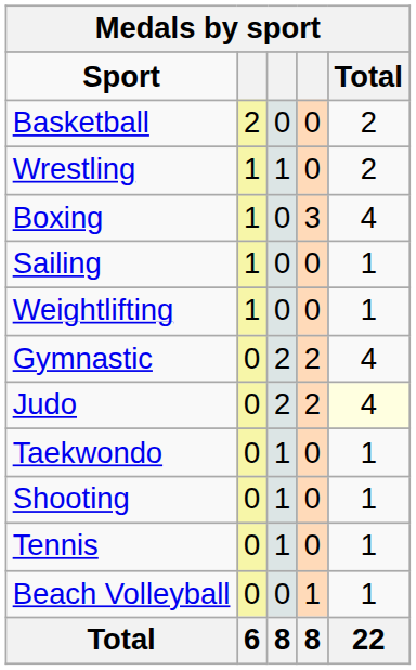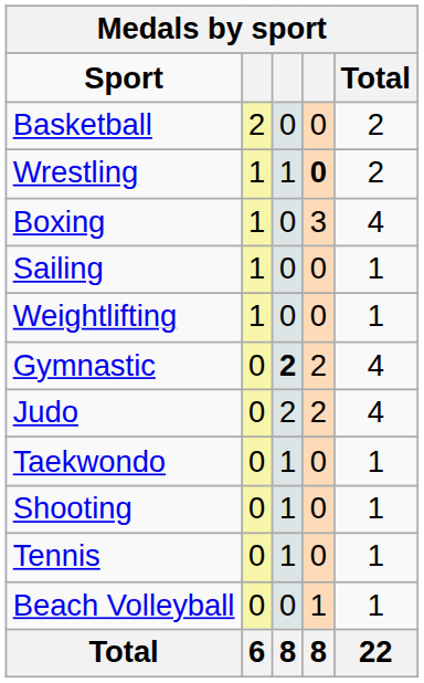 <table class="wikitable" border="1"  style="float:right">
 <tr>
 <th colspan=5><strong>Medals by sport</strong></th>
 </tr>
 <tr align=center>
 <td><strong>Sport</strong></td>
 <th bgcolor=#f7f6a8></th>
 <th bgcolor=#dce5e5></th>
 <th bgcolor=#ffdab9></th>
 <th><strong>Total</strong></th>
 </tr>
 <tr align=center>
 <td align=left><a href='#'>Basketball</a></td>
 <td bgcolor=#f7f6a8>2</td>
 <td bgcolor=#dce5e5>0</td>
 <td bgcolor=#ffdab9>0</td>
 <td>2</td>
 </tr>
 <tr align=center>
 <td align=left><a href='#'>Wrestling</a></td>
 <td bgcolor=#f7f6a8>1</td>
 <td bgcolor=#dce5e5>1</td>
-<td bgcolor=#ffdab9>0</td>
+<td bgcolor=#ffdab9><strong>0</strong></td>
 <td>2</td>
 </tr>
 <tr align=center>
 <td align=left><a href='#'>Boxing</a></td>
 <td bgcolor=#f7f6a8>1</td>
 <td bgcolor=#dce5e5>0</td>
 <td bgcolor=#ffdab9>3</td>
 <td>4</td>
 </tr>
 <tr align=center>
 <td align=left><a href='#'>Sailing</a></td>
 <td bgcolor=#f7f6a8>1</td>
 <td bgcolor=#dce5e5>0</td>
 <td bgcolor=#ffdab9>0</td>
 <td>1</td>
 </tr>
 <tr align=center>
 <td align=left><a href='#'>Weightlifting</a></td>
 <td bgcolor=#f7f6a8>1</td>
 <td bgcolor=#dce5e5>0</td>
 <td bgcolor=#ffdab9>0</td>
 <td>1</td>
 </tr>
 <tr align=center>
 <td align=left><a href='#'>Gymnastic</a></td>
 <td bgcolor=#f7f6a8>0</td>
-<td bgcolor=#dce5e5>2</td>
+<td bgcolor=#dce5e5><strong>2</strong></td>
 <td bgcolor=#ffdab9>2</td>
 <td>4</td>
 </tr>
 <tr align=center>
 <td align=left><a href='#'>Judo</a></td>
 <td bgcolor=#f7f6a8>0</td>
 <td bgcolor=#dce5e5>2</td>
 <td bgcolor=#ffdab9>2</td>
-<td style="background: lightyellow;">4</td>
+<td>4</td>
 </tr>
 <tr align=center>
 <td align=left><a href='#'>Taekwondo</a></td>
 <td bgcolor=#f7f6a8>0</td>
 <td bgcolor=#dce5e5>1</td>
 <td bgcolor=#ffdab9>0</td>
 <td>1</td>
 </tr>
 <tr align=center>
 <td align=left><a href='#'>Shooting</a></td>
 <td bgcolor=#f7f6a8>0</td>
 <td bgcolor=#dce5e5>1</td>
 <td bgcolor=#ffdab9>0</td>
 <td>1</td>
 </tr>
 <tr align=center>
 <td align=left><a href='#'>Tennis</a></td>
 <td bgcolor=#f7f6a8>0</td>
 <td bgcolor=#dce5e5>1</td>
 <td bgcolor=#ffdab9>0</td>
 <td>1</td>
 </tr>
 <tr align=center>
 <td align=left><a href='#'>Beach Volleyball</a></td>
 <td bgcolor=#f7f6a8>0</td>
 <td bgcolor=#dce5e5>0</td>
 <td bgcolor=#ffdab9>1</td>
 <td>1</td>
 </tr>
 <tr align=center>
 <th bgcolor=#efefef><strong>Total</strong></th>
 <th bgcolor=#f7f6a8>6</th>
 <th bgcolor=#dce5e5>8</th>
 <th bgcolor=#ffdab9>8</th>
 <th>22</th>
 </tr>
 </table>
